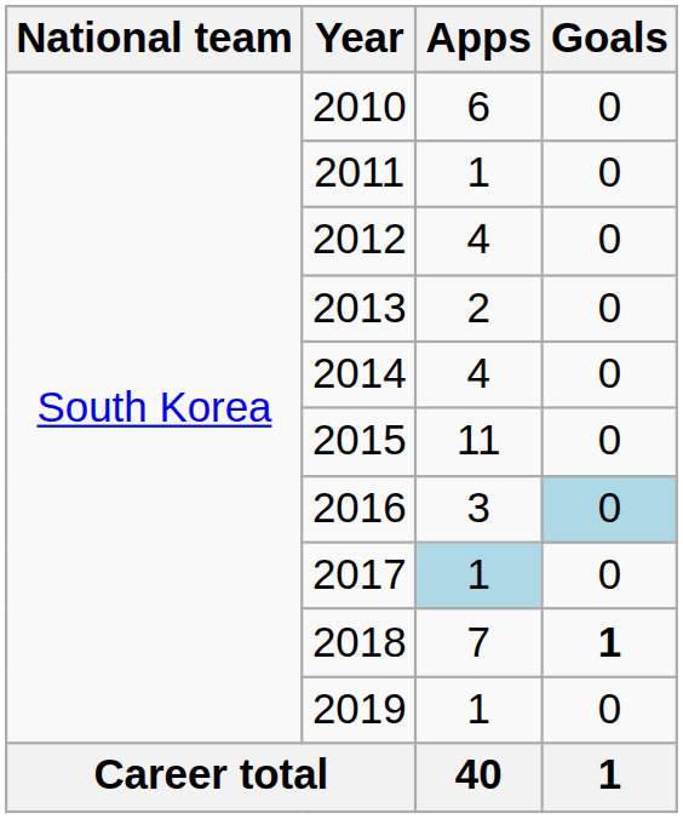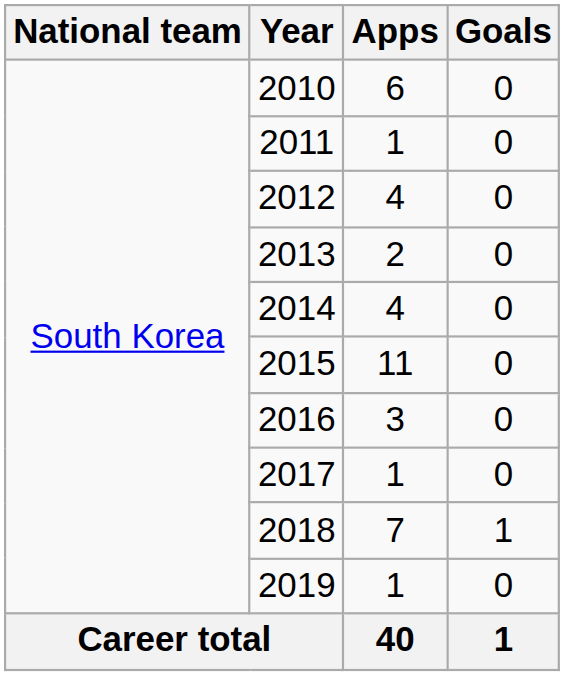 <table class="wikitable" style="text-align:center">
 <tr>
 <th>National team</th>
 <th>Year</th>
 <th>Apps</th>
 <th>Goals</th>
 </tr>
 <tr>
 <td rowspan="10"><a href='#'>South Korea</a></td>
 <td>2010</td>
 <td>6</td>
 <td>0</td>
 </tr>
 <tr>
 <td>2011</td>
 <td>1</td>
 <td>0</td>
 </tr>
 <tr>
 <td>2012</td>
 <td>4</td>
 <td>0</td>
 </tr>
 <tr>
 <td>2013</td>
 <td>2</td>
 <td>0</td>
 </tr>
 <tr>
 <td>2014</td>
 <td>4</td>
 <td>0</td>
 </tr>
 <tr>
 <td>2015</td>
 <td>11</td>
 <td>0</td>
 </tr>
 <tr>
 <td>2016</td>
 <td>3</td>
-<td style="background: lightblue;">0</td>
+<td>0</td>
 </tr>
 <tr>
 <td>2017</td>
-<td style="background: lightblue;">1</td>
+<td>1</td>
 <td>0</td>
 </tr>
 <tr>
 <td>2018</td>
 <td>7</td>
-<td><strong>1</strong></td>
+<td>1</td>
 </tr>
 <tr>
 <td>2019</td>
 <td>1</td>
 <td>0</td>
 </tr>
 <tr>
 <th colspan="2">Career total</th>
 <th>40</th>
 <th>1</th>
 </tr>
 </table>
